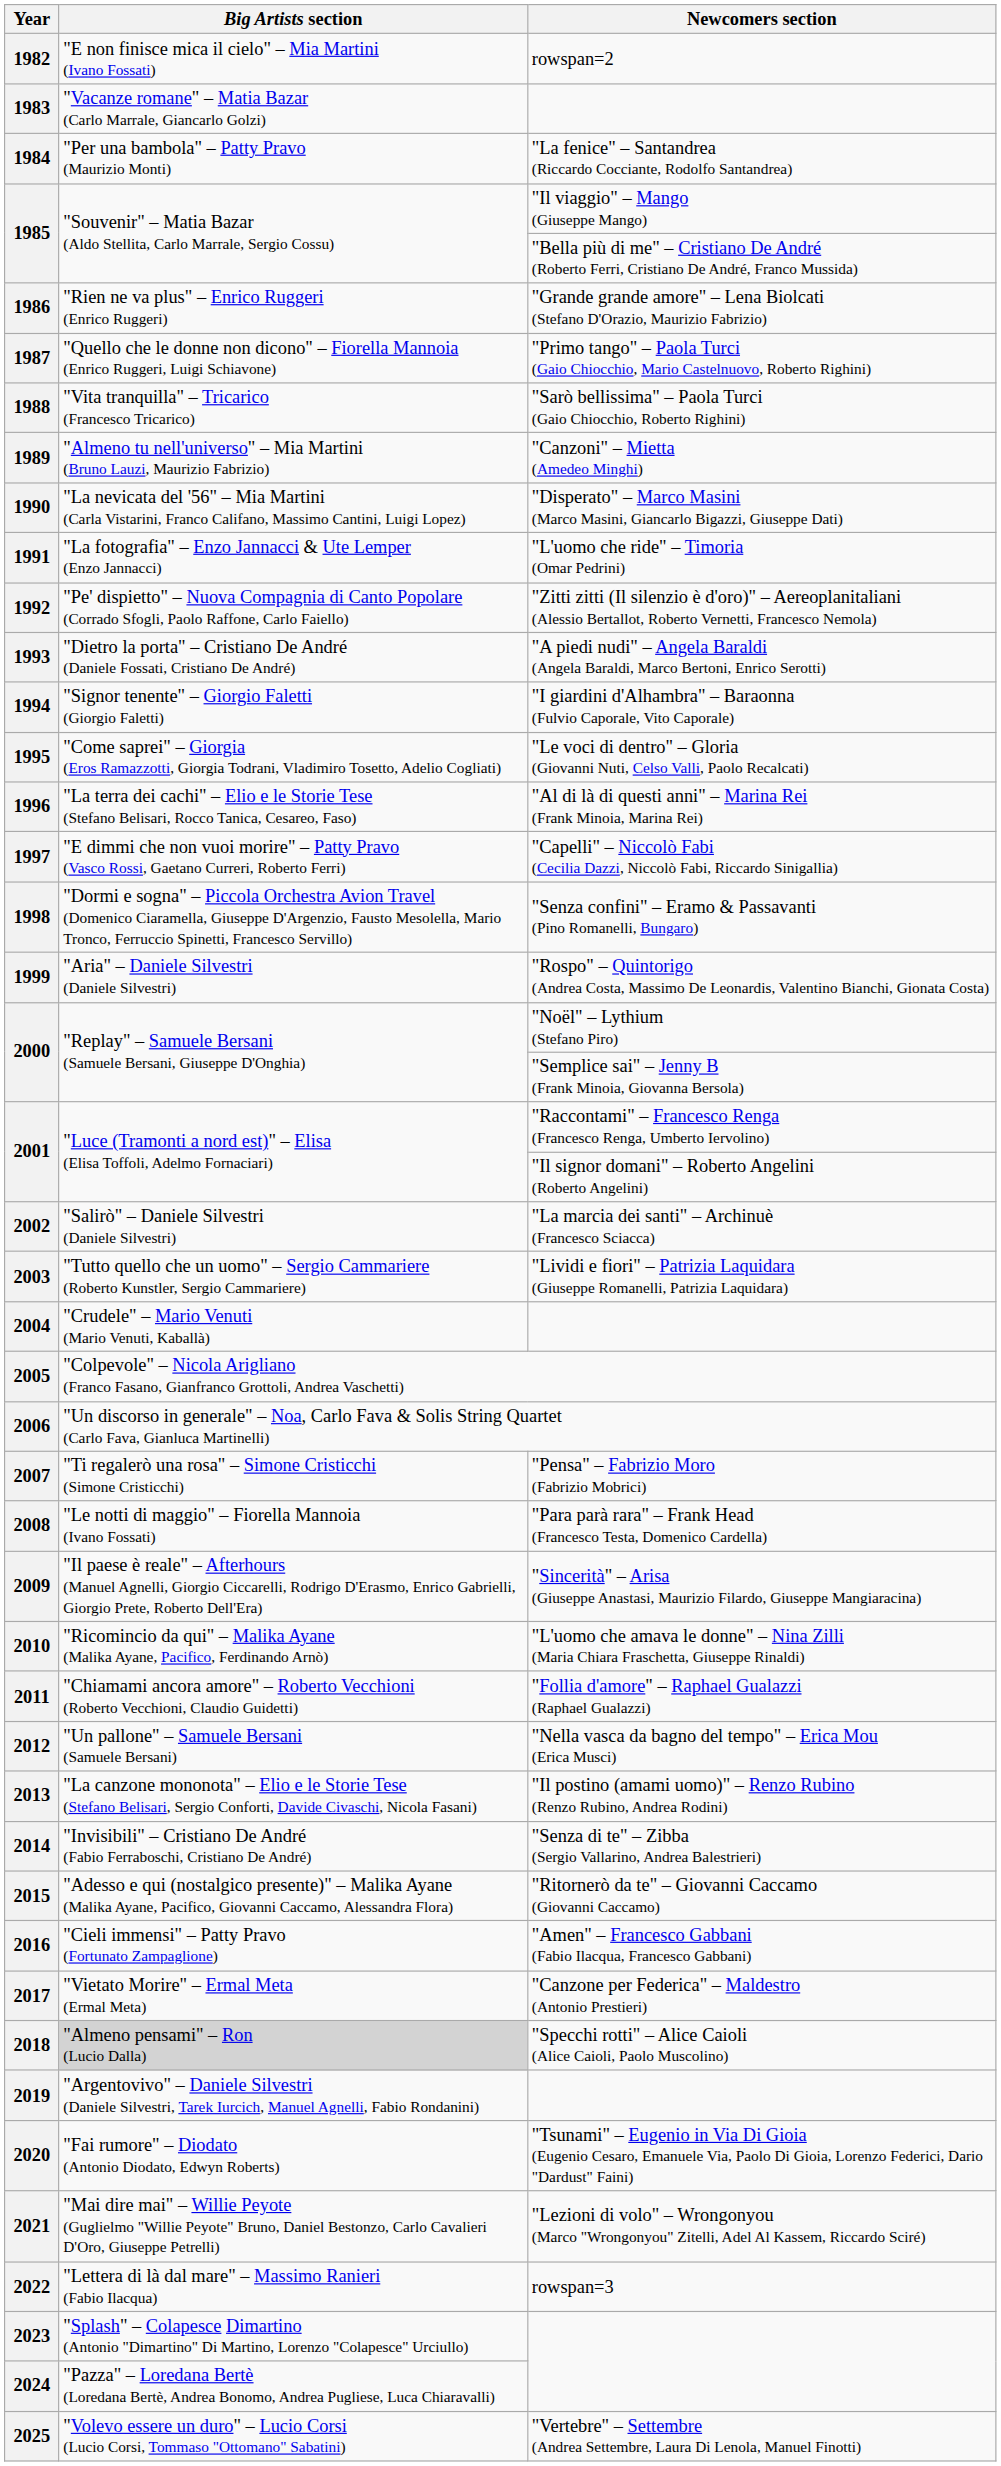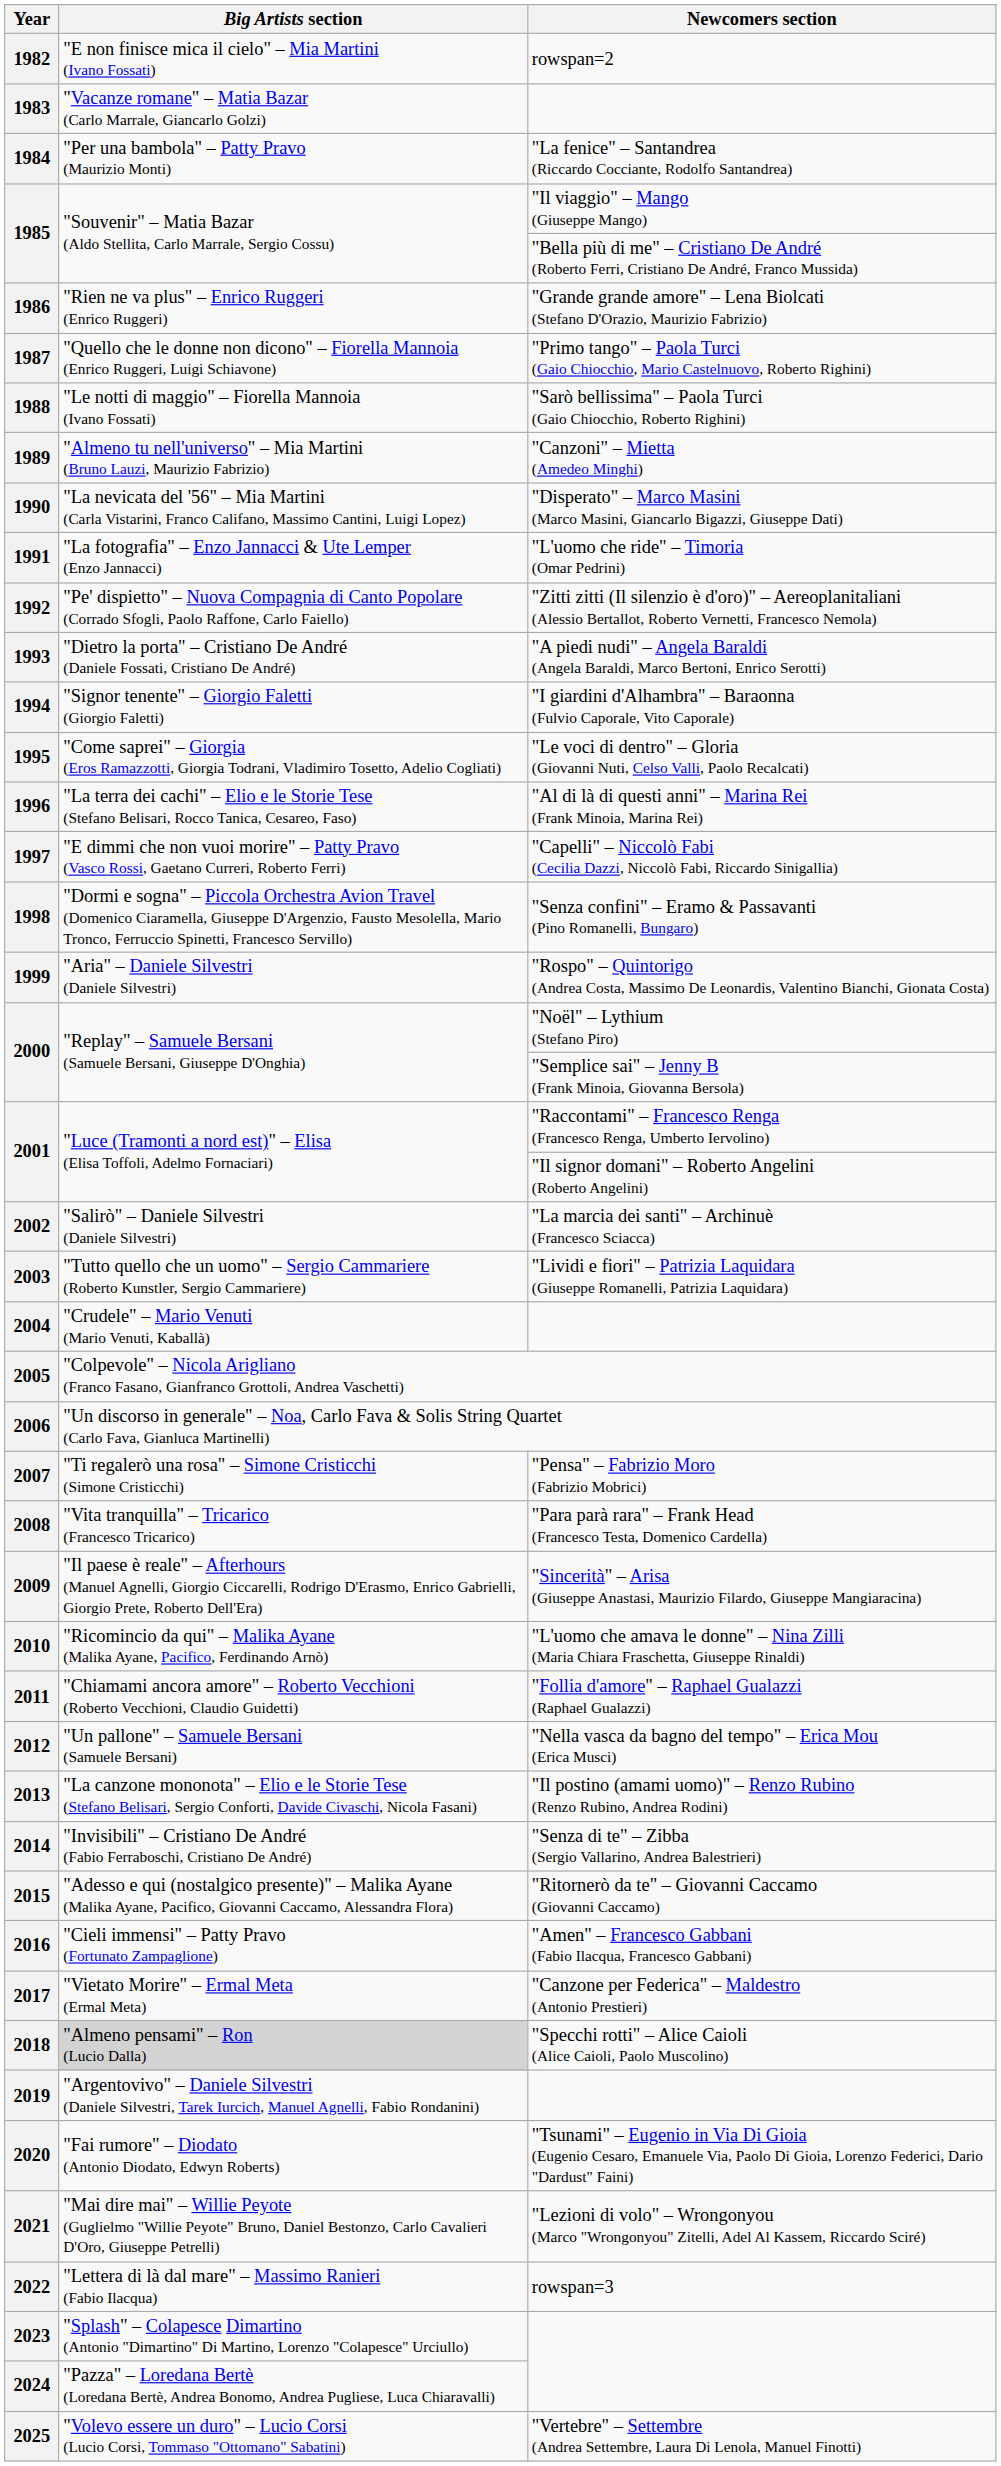 <table class="wikitable plainrowheaders">
 <tr>
 <th style="width:40px;">Year</th>
 <th style="width:25em;"><em>Big Artists</em> section</th>
 <th style="width:25em;">Newcomers section</th>
 </tr>
 <tr>
 <th scope="row">1982</th>
 <td>"E non finisce mica il cielo" – <a href='#'>Mia Martini</a><br><small>(<a href='#'>Ivano Fossati</a>)</small></td>
 <td>rowspan=2 </td>
 </tr>
 <tr>
 <th scope="row">1983</th>
 <td>"<a href='#'>Vacanze romane</a>" – <a href='#'>Matia Bazar</a><br><small>(Carlo Marrale, Giancarlo Golzi)</small></td>
 </tr>
 <tr>
 <th scope="row">1984</th>
 <td>"Per una bambola" – <a href='#'>Patty Pravo</a><br><small>(Maurizio Monti)</small></td>
 <td>"La fenice" – Santandrea<br><small>(Riccardo Cocciante, Rodolfo Santandrea)</small></td>
 </tr>
 <tr>
 <th scope="row" rowspan="2">1985</th>
 <td rowspan="2">"Souvenir" – Matia Bazar<br><small>(Aldo Stellita, Carlo Marrale, Sergio Cossu)</small></td>
 <td>"Il viaggio" – <a href='#'>Mango</a><br><small>(Giuseppe Mango)</small></td>
 </tr>
 <tr>
 <td>"Bella più di me" – <a href='#'>Cristiano De André</a><br><small>(Roberto Ferri, Cristiano De André, Franco Mussida)</small></td>
 </tr>
 <tr>
 <th scope="row">1986</th>
 <td>"Rien ne va plus" – <a href='#'>Enrico Ruggeri</a><br><small>(Enrico Ruggeri)</small></td>
 <td>"Grande grande amore" – Lena Biolcati<br><small>(Stefano D'Orazio, Maurizio Fabrizio)</small></td>
 </tr>
 <tr>
 <th scope="row">1987</th>
 <td>"Quello che le donne non dicono" – <a href='#'>Fiorella Mannoia</a><br><small>(Enrico Ruggeri, Luigi Schiavone)</small></td>
 <td>"Primo tango" – <a href='#'>Paola Turci</a><br><small>(<a href='#'>Gaio Chiocchio</a>, <a href='#'>Mario Castelnuovo</a>, Roberto Righini)</small></td>
 </tr>
 <tr>
 <th scope="row">1988</th>
-<td>"Vita tranquilla" – <a href='#'>Tricarico</a><br><small>(Francesco Tricarico)</small></td>
+<td>"Le notti di maggio" – Fiorella Mannoia<br><small>(Ivano Fossati)</small></td>
 <td>"Sarò bellissima" – Paola Turci<br><small>(Gaio Chiocchio, Roberto Righini)</small></td>
 </tr>
 <tr>
 <th scope="row">1989</th>
 <td>"<a href='#'>Almeno tu nell'universo</a>" – Mia Martini<br><small>(<a href='#'>Bruno Lauzi</a>, Maurizio Fabrizio)</small></td>
 <td>"Canzoni" – <a href='#'>Mietta</a><br><small>(<a href='#'>Amedeo Minghi</a>)</small></td>
 </tr>
 <tr>
 <th scope="row">1990</th>
 <td>"La nevicata del '56" – Mia Martini<br><small>(Carla Vistarini, Franco Califano, Massimo Cantini, Luigi Lopez)</small></td>
 <td>"Disperato" – <a href='#'>Marco Masini</a><br><small>(Marco Masini, Giancarlo Bigazzi, Giuseppe Dati)</small></td>
 </tr>
 <tr>
 <th scope="row">1991</th>
 <td>"La fotografia" – <a href='#'>Enzo Jannacci</a> & <a href='#'>Ute Lemper</a><br><small>(Enzo Jannacci)</small></td>
 <td>"L'uomo che ride" – <a href='#'>Timoria</a><br><small>(Omar Pedrini)</small></td>
 </tr>
 <tr>
 <th scope="row">1992</th>
 <td>"Pe' dispietto" – <a href='#'>Nuova Compagnia di Canto Popolare</a><br><small>(Corrado Sfogli, Paolo Raffone, Carlo Faiello)</small></td>
 <td>"Zitti zitti (Il silenzio è d'oro)" – Aereoplanitaliani<br><small>(Alessio Bertallot, Roberto Vernetti, Francesco Nemola)</small></td>
 </tr>
 <tr>
 <th scope="row">1993</th>
 <td>"Dietro la porta" – Cristiano De André<br><small>(Daniele Fossati, Cristiano De André)</small></td>
 <td>"A piedi nudi" – <a href='#'>Angela Baraldi</a><br><small>(Angela Baraldi, Marco Bertoni, Enrico Serotti)</small></td>
 </tr>
 <tr>
 <th scope="row">1994</th>
 <td>"Signor tenente" – <a href='#'>Giorgio Faletti</a><br><small>(Giorgio Faletti)</small></td>
 <td>"I giardini d'Alhambra" – Baraonna<br><small>(Fulvio Caporale, Vito Caporale)</small></td>
 </tr>
 <tr>
 <th scope="row">1995</th>
 <td>"Come saprei" – <a href='#'>Giorgia</a> <br><small>(<a href='#'>Eros Ramazzotti</a>, Giorgia Todrani, Vladimiro Tosetto, Adelio Cogliati)</small></td>
 <td>"Le voci di dentro" – Gloria<br><small>(Giovanni Nuti, <a href='#'>Celso Valli</a>, Paolo Recalcati)</small></td>
 </tr>
 <tr>
 <th scope="row">1996</th>
 <td>"La terra dei cachi" – <a href='#'>Elio e le Storie Tese</a><br><small>(Stefano Belisari, Rocco Tanica, Cesareo, Faso)</small></td>
 <td>"Al di là di questi anni" – <a href='#'>Marina Rei</a><br><small>(Frank Minoia, Marina Rei)</small></td>
 </tr>
 <tr>
 <th scope="row">1997</th>
 <td>"E dimmi che non vuoi morire" – <a href='#'>Patty Pravo</a><br><small>(<a href='#'>Vasco Rossi</a>, Gaetano Curreri, Roberto Ferri)</small></td>
 <td>"Capelli" – <a href='#'>Niccolò Fabi</a><br><small>(<a href='#'>Cecilia Dazzi</a>, Niccolò Fabi, Riccardo Sinigallia)</small></td>
 </tr>
 <tr>
 <th scope="row">1998</th>
 <td>"Dormi e sogna" – <a href='#'>Piccola Orchestra Avion Travel</a><br><small>(Domenico Ciaramella, Giuseppe D'Argenzio, Fausto Mesolella, Mario Tronco, Ferruccio Spinetti, Francesco Servillo)</small></td>
 <td>"Senza confini" – Eramo & Passavanti<br><small>(Pino Romanelli, <a href='#'>Bungaro</a>)</small></td>
 </tr>
 <tr>
 <th scope="row">1999</th>
 <td>"Aria" – <a href='#'>Daniele Silvestri</a><br><small>(Daniele Silvestri)</small></td>
 <td>"Rospo" – <a href='#'>Quintorigo</a><br><small>(Andrea Costa, Massimo De Leonardis, Valentino Bianchi, Gionata Costa)</small></td>
 </tr>
 <tr>
 <th scope="row" rowspan="2">2000</th>
 <td rowspan="2">"Replay" – <a href='#'>Samuele Bersani</a><br><small>(Samuele Bersani, Giuseppe D'Onghia)</small></td>
 <td>"Noël" – Lythium<br><small>(Stefano Piro)</small></td>
 </tr>
 <tr>
 <td>"Semplice sai" – <a href='#'>Jenny B</a><br><small>(Frank Minoia, Giovanna Bersola)</small></td>
 </tr>
 <tr>
 <th scope="row" rowspan="2">2001</th>
 <td rowspan="2">"<a href='#'>Luce (Tramonti a nord est)</a>" – <a href='#'>Elisa</a><br><small>(Elisa Toffoli, Adelmo Fornaciari)</small></td>
 <td>"Raccontami" – <a href='#'>Francesco Renga</a><br><small>(Francesco Renga, Umberto Iervolino)</small></td>
 </tr>
 <tr>
 <td>"Il signor domani" – Roberto Angelini<br><small>(Roberto Angelini)</small></td>
 </tr>
 <tr>
 <th scope="row">2002</th>
 <td>"Salirò" – Daniele Silvestri<br><small>(Daniele Silvestri)</small></td>
 <td>"La marcia dei santi" – Archinuè<br><small>(Francesco Sciacca)</small></td>
 </tr>
 <tr>
 <th scope="row">2003</th>
 <td>"Tutto quello che un uomo" – <a href='#'>Sergio Cammariere</a><br><small>(Roberto Kunstler, Sergio Cammariere)</small></td>
 <td>"Lividi e fiori" – <a href='#'>Patrizia Laquidara</a><br><small>(Giuseppe Romanelli, Patrizia Laquidara)</small></td>
 </tr>
 <tr>
 <th scope="row">2004</th>
 <td>"Crudele" – <a href='#'>Mario Venuti</a><br><small>(Mario Venuti, Kaballà)</small></td>
 <td></td>
 </tr>
 <tr>
 <th scope="row">2005</th>
 <td colspan="2">"Colpevole" – <a href='#'>Nicola Arigliano</a><br><small>(Franco Fasano, Gianfranco Grottoli, Andrea Vaschetti)</small></td>
 </tr>
 <tr>
 <th scope="row">2006</th>
 <td colspan="2">"Un discorso in generale" – <a href='#'>Noa</a>, Carlo Fava & Solis String Quartet<br><small>(Carlo Fava, Gianluca Martinelli)</small></td>
 </tr>
 <tr>
 <th scope="row">2007</th>
 <td>"Ti regalerò una rosa" – <a href='#'>Simone Cristicchi</a><br><small>(Simone Cristicchi)</small></td>
 <td>"Pensa" – <a href='#'>Fabrizio Moro</a><br><small>(Fabrizio Mobrici)</small></td>
 </tr>
 <tr>
 <th scope="row">2008</th>
-<td>"Le notti di maggio" – Fiorella Mannoia<br><small>(Ivano Fossati)</small></td>
+<td>"Vita tranquilla" – <a href='#'>Tricarico</a><br><small>(Francesco Tricarico)</small></td>
 <td>"Para parà rara" – Frank Head<br><small>(Francesco Testa, Domenico Cardella)</small></td>
 </tr>
 <tr>
 <th scope="row">2009</th>
 <td>"Il paese è reale" – <a href='#'>Afterhours</a><br><small>(Manuel Agnelli, Giorgio Ciccarelli, Rodrigo D'Erasmo, Enrico Gabrielli, Giorgio Prete, Roberto Dell'Era)</small></td>
 <td>"<a href='#'>Sincerità</a>" – <a href='#'>Arisa</a><br><small>(Giuseppe Anastasi, Maurizio Filardo, Giuseppe Mangiaracina)</small></td>
 </tr>
 <tr>
 <th scope="row">2010</th>
 <td>"Ricomincio da qui" – <a href='#'>Malika Ayane</a><br><small>(Malika Ayane, <a href='#'>Pacifico</a>, Ferdinando Arnò)</small></td>
 <td>"L'uomo che amava le donne" – <a href='#'>Nina Zilli</a><br><small>(Maria Chiara Fraschetta, Giuseppe Rinaldi)</small></td>
 </tr>
 <tr>
 <th scope="row">2011</th>
 <td>"Chiamami ancora amore" – <a href='#'>Roberto Vecchioni</a><br><small>(Roberto Vecchioni, Claudio Guidetti)</small></td>
 <td>"<a href='#'>Follia d'amore</a>" – <a href='#'>Raphael Gualazzi</a><br><small>(Raphael Gualazzi)</small></td>
 </tr>
 <tr>
 <th scope="row">2012</th>
 <td>"Un pallone" – <a href='#'>Samuele Bersani</a><br><small>(Samuele Bersani)</small></td>
 <td>"Nella vasca da bagno del tempo" – <a href='#'>Erica Mou</a><br><small>(Erica Musci)</small></td>
 </tr>
 <tr>
 <th scope="row">2013</th>
 <td>"La canzone mononota" – <a href='#'>Elio e le Storie Tese</a><br><small>(<a href='#'>Stefano Belisari</a>, Sergio Conforti, <a href='#'>Davide Civaschi</a>, Nicola Fasani)</small></td>
 <td>"Il postino (amami uomo)" – <a href='#'>Renzo Rubino</a><br><small>(Renzo Rubino, Andrea Rodini)</small></td>
 </tr>
 <tr>
 <th scope="row">2014</th>
 <td>"Invisibili" – Cristiano De André<br><small>(Fabio Ferraboschi, Cristiano De André)</small></td>
 <td>"Senza di te" – Zibba<br><small>(Sergio Vallarino, Andrea Balestrieri)</small></td>
 </tr>
 <tr>
 <th scope="row">2015</th>
 <td>"Adesso e qui (nostalgico presente)" – Malika Ayane<br><small>(Malika Ayane, Pacifico, Giovanni Caccamo, Alessandra Flora)</small></td>
 <td>"Ritornerò da te" – Giovanni Caccamo<br><small>(Giovanni Caccamo)</small></td>
 </tr>
 <tr>
 <th scope="row">2016</th>
 <td>"Cieli immensi" – Patty Pravo<br><small>(<a href='#'>Fortunato Zampaglione</a>)</small></td>
 <td>"Amen" – <a href='#'>Francesco Gabbani</a><br><small>(Fabio Ilacqua, Francesco Gabbani)</small></td>
 </tr>
 <tr>
 <th scope="row">2017</th>
 <td>"Vietato Morire" – <a href='#'>Ermal Meta</a><br><small>(Ermal Meta)</small></td>
 <td>"Canzone per Federica" – <a href='#'>Maldestro</a><br><small>(Antonio Prestieri)</small></td>
 </tr>
 <tr>
 <th scope="row">2018</th>
 <td style="background: lightgrey;">"Almeno pensami" – <a href='#'>Ron</a><br><small>(Lucio Dalla)</small></td>
 <td>"Specchi rotti" – Alice Caioli<br><small>(Alice Caioli, Paolo Muscolino)</small></td>
 </tr>
 <tr>
 <th scope="row">2019</th>
 <td>"Argentovivo" – <a href='#'>Daniele Silvestri</a><br><small>(Daniele Silvestri, <a href='#'>Tarek Iurcich</a>, <a href='#'>Manuel Agnelli</a>, Fabio Rondanini)</small></td>
 <td></td>
 </tr>
 <tr>
 <th scope="row">2020</th>
 <td>"Fai rumore" – <a href='#'>Diodato</a><br><small>(Antonio Diodato, Edwyn Roberts)</small></td>
 <td>"Tsunami" – <a href='#'>Eugenio in Via Di Gioia</a><br><small>(Eugenio Cesaro, Emanuele Via, Paolo Di Gioia, Lorenzo Federici, Dario "Dardust" Faini)</small></td>
 </tr>
 <tr>
 <th scope="row">2021</th>
 <td>"Mai dire mai" – <a href='#'>Willie Peyote</a><br><small>(Guglielmo "Willie Peyote" Bruno, Daniel Bestonzo, Carlo Cavalieri D'Oro, Giuseppe Petrelli)</small></td>
 <td>"Lezioni di volo" – Wrongonyou<br><small>(Marco "Wrongonyou" Zitelli, Adel Al Kassem, Riccardo Sciré)</small></td>
 </tr>
 <tr>
 <th scope="row">2022</th>
 <td>"Lettera di là dal mare" – <a href='#'>Massimo Ranieri</a><br><small>(Fabio Ilacqua)</small></td>
 <td>rowspan=3 </td>
 </tr>
 <tr>
 <th scope="row">2023</th>
 <td>"<a href='#'>Splash</a>" – <a href='#'>Colapesce</a> <a href='#'>Dimartino</a><br><small>(Antonio "Dimartino" Di Martino, Lorenzo "Colapesce" Urciullo)</small></td>
 </tr>
 <tr>
 <th scope="row">2024</th>
 <td>"Pazza" – <a href='#'>Loredana Bertè</a><br><small>(Loredana Bertè, Andrea Bonomo, Andrea Pugliese, Luca Chiaravalli)</small></td>
 </tr>
 <tr>
 <th scope="row">2025</th>
 <td>"<a href='#'>Volevo essere un duro</a>" – <a href='#'>Lucio Corsi</a><br><small>(Lucio Corsi, <a href='#'>Tommaso "Ottomano" Sabatini</a>)</small></td>
 <td>"Vertebre" – <a href='#'>Settembre</a><br><small>(Andrea Settembre, Laura Di Lenola, Manuel Finotti)</small></td>
 </tr>
 </table>
